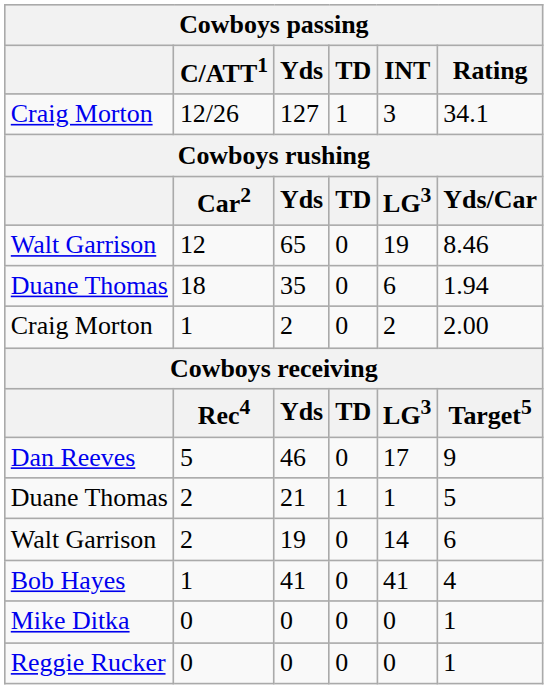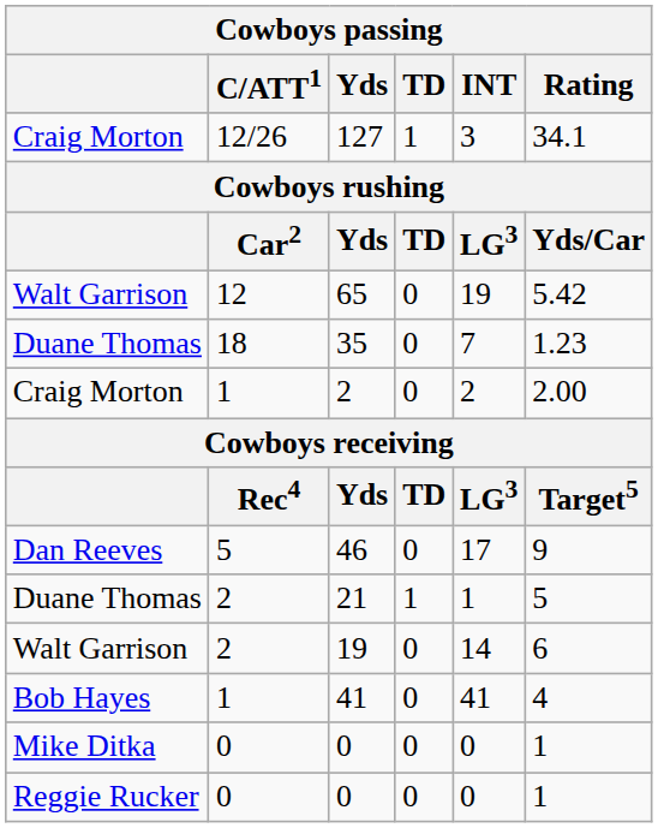 <table class="wikitable">
 <tr>
 <th colspan="6">Cowboys passing</th>
 </tr>
 <tr>
 <th></th>
 <th>C/ATT<sup>1</sup></th>
 <th>Yds</th>
 <th>TD</th>
 <th>INT</th>
 <th>Rating</th>
 </tr>
 <tr>
 <td><a href='#'>Craig Morton</a></td>
 <td>12/26</td>
 <td>127</td>
 <td>1</td>
 <td>3</td>
 <td>34.1</td>
 </tr>
 <tr>
 <th colspan="6">Cowboys rushing</th>
 </tr>
 <tr>
 <th></th>
 <th>Car<sup>2</sup></th>
 <th>Yds</th>
 <th>TD</th>
 <th>LG<sup>3</sup></th>
 <th>Yds/Car</th>
 </tr>
 <tr>
 <td><a href='#'>Walt Garrison</a></td>
 <td>12</td>
 <td>65</td>
 <td>0</td>
 <td>19</td>
-<td>8.46</td>
+<td>5.42</td>
 </tr>
 <tr>
 <td><a href='#'>Duane Thomas</a></td>
 <td>18</td>
 <td>35</td>
 <td>0</td>
-<td>6</td>
-<td>1.94</td>
+<td>7</td>
+<td>1.23</td>
 </tr>
 <tr>
 <td>Craig Morton</td>
 <td>1</td>
 <td>2</td>
 <td>0</td>
 <td>2</td>
 <td>2.00</td>
 </tr>
 <tr>
 <th colspan="6">Cowboys receiving</th>
 </tr>
 <tr>
 <th></th>
 <th>Rec<sup>4</sup></th>
 <th>Yds</th>
 <th>TD</th>
 <th>LG<sup>3</sup></th>
 <th>Target<sup>5</sup></th>
 </tr>
 <tr>
 <td><a href='#'>Dan Reeves</a></td>
 <td>5</td>
 <td>46</td>
 <td>0</td>
 <td>17</td>
 <td>9</td>
 </tr>
 <tr>
 <td>Duane Thomas</td>
 <td>2</td>
 <td>21</td>
 <td>1</td>
 <td>1</td>
 <td>5</td>
 </tr>
 <tr>
 <td>Walt Garrison</td>
 <td>2</td>
 <td>19</td>
 <td>0</td>
 <td>14</td>
 <td>6</td>
 </tr>
 <tr>
 <td><a href='#'>Bob Hayes</a></td>
 <td>1</td>
 <td>41</td>
 <td>0</td>
 <td>41</td>
 <td>4</td>
 </tr>
 <tr>
 <td><a href='#'>Mike Ditka</a></td>
 <td>0</td>
 <td>0</td>
 <td>0</td>
 <td>0</td>
 <td>1</td>
 </tr>
 <tr>
 <td><a href='#'>Reggie Rucker</a></td>
 <td>0</td>
 <td>0</td>
 <td>0</td>
 <td>0</td>
 <td>1</td>
 </tr>
 </table>
